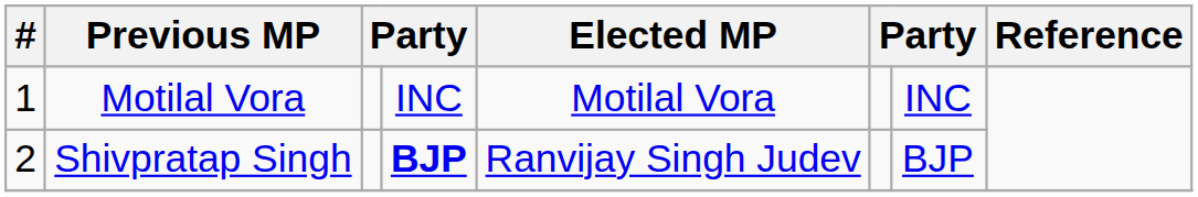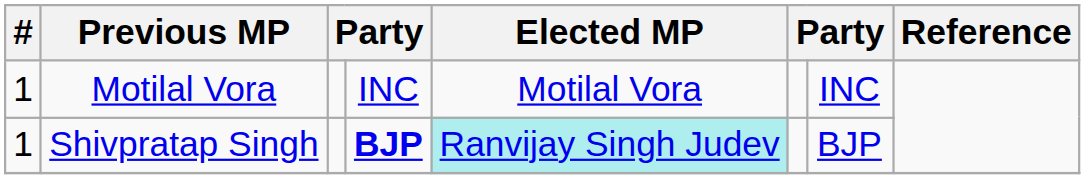 <table class="wikitable">
 <tr>
 <th>#</th>
 <th>Previous MP</th>
 <th colspan=2>Party</th>
 <th>Elected MP</th>
 <th colspan=2>Party</th>
 <th>Reference</th>
 </tr>
 <tr style="text-align:center;">
 <td>1</td>
 <td><a href='#'>Motilal Vora</a></td>
 <td width="1px"></td>
 <td rowspan=1><a href='#'>INC</a></td>
 <td><a href='#'>Motilal Vora</a></td>
 <td width="1px"></td>
 <td rowspan=1><a href='#'>INC</a></td>
 <td rowspan=2></td>
 </tr>
 <tr style="text-align:center;">
-<td>2</td>
+<td>1</td>
 <td><a href='#'>Shivpratap Singh</a></td>
 <td width="1px"></td>
 <td rowspan=1><strong><a href='#'>BJP</a></strong></td>
-<td><a href='#'>Ranvijay Singh Judev</a></td>
+<td style="background: paleturquoise;"><a href='#'>Ranvijay Singh Judev</a></td>
 <td width="1px"></td>
 <td rowspan=1><a href='#'>BJP</a></td>
 </tr>
 <tr style="text-align:center;">
 </tr>
 </table>
